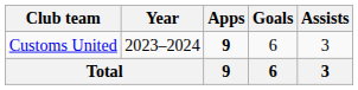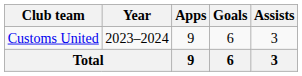 <table class=wikitable style="text-align: center;">
 <tr>
 <th>Club team</th>
 <th>Year</th>
 <th>Apps</th>
 <th>Goals</th>
 <th>Assists</th>
 </tr>
 <tr>
 <td rowspan=1><a href='#'>Customs United</a></td>
 <td>2023–2024</td>
-<td><strong>9</strong></td>
+<td>9</td>
 <td>6</td>
 <td>3</td>
 </tr>
 <tr>
 <th colspan=2>Total</th>
 <th>9</th>
 <th>6</th>
 <th>3</th>
 </tr>
 </table>
